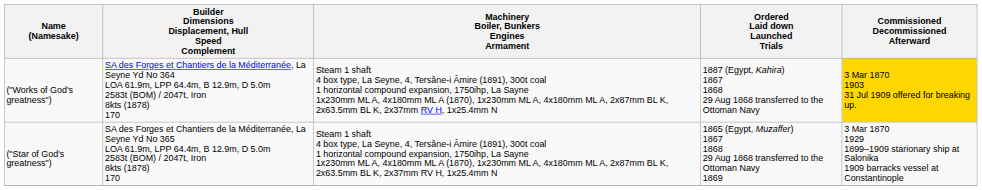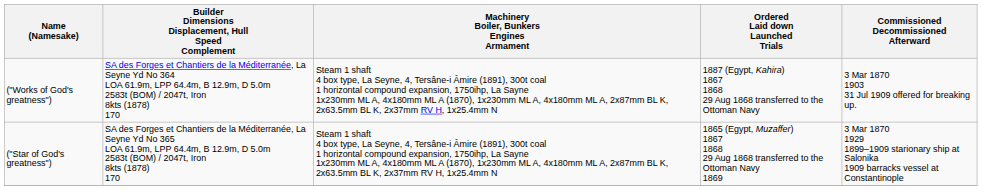 <table class="wikitable" style="font-size:90%;">
 <tr bgcolor="#e6e9ff">
 <th>Name<br>(Namesake)</th>
 <th>Builder<br>Dimensions<br>Displacement, Hull<br>Speed<br>Complement</th>
 <th>Machinery<br>Boiler, Bunkers<br>Engines<br>Armament</th>
 <th>Ordered<br>Laid down<br>Launched<br>Trials</th>
 <th>Commissioned<br>Decommissioned<br>Afterward</th>
 </tr>
 <tr ---->
 <td><br>("Works of God's greatness")</td>
 <td> <a href='#'>SA des Forges et Chantiers de la Méditerranée</a>, La Seyne Yd No 364<br>LOA 61.9m, LPP 64.4m, B 12.9m, D 5.0m<br>2583t (BOM) / 2047t, Iron<br>8kts (1878)<br>170</td>
 <td>Steam 1 shaft<br>4 box type, La Seyne, 4, Tersâne-i Âmire (1891), 300t coal<br>1 horizontal compound expansion, 1750ihp, La Sayne<br>1x230mm ML A, 4x180mm ML A (1870), 1x230mm ML A, 4x180mm ML A, 2x87mm BL K, 2x63.5mm BL K, 2x37mm <a href='#'>RV H</a>, 1x25.4mm N</td>
 <td>1887 (Egypt, <em>Kahira</em>)<br>1867<br>1868<br>29 Aug 1868 transferred to the Ottoman Navy</td>
-<td style="background: gold;">3 Mar 1870<br>1903<br>31 Jul 1909 offered for breaking up.</td>
+<td>3 Mar 1870<br>1903<br>31 Jul 1909 offered for breaking up.</td>
 </tr>
 <tr ---->
 <td><br>("Star of God's greatness")</td>
 <td> SA des Forges et Chantiers de la Méditerranée, La Seyne Yd No 365<br>LOA 61.9m, LPP 64.4m, B 12.9m, D 5.0m<br>2583t (BOM) / 2047t, Iron<br>8kts (1878)<br>170</td>
 <td>Steam 1 shaft<br>4 box type, La Seyne, 4, Tersâne-i Âmire (1891), 300t coal<br>1 horizontal compound expansion, 1750ihp, La Sayne<br>1x230mm ML A, 4x180mm ML A (1870), 1x230mm ML A, 4x180mm ML A, 2x87mm BL K, 2x63.5mm BL K, 2x37mm RV H, 1x25.4mm N</td>
 <td>1865 (Egypt, <em>Muzaffer</em>)<br>1867<br>1868<br>29 Aug 1868 transferred to the Ottoman Navy<br>1869</td>
 <td>3 Mar 1870<br>1929<br>1899–1909 starionary ship at Salonika<br>1909 barracks vessel at Constantinople</td>
 </tr>
 <tr ---->
 </tr>
 </table>
